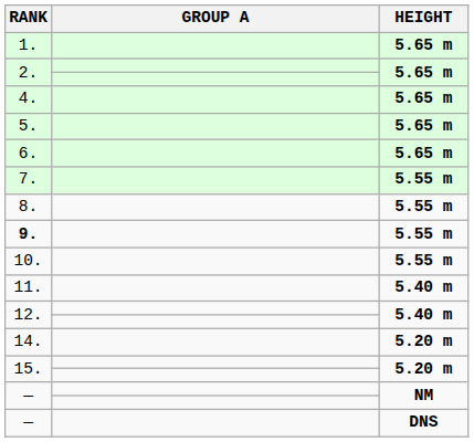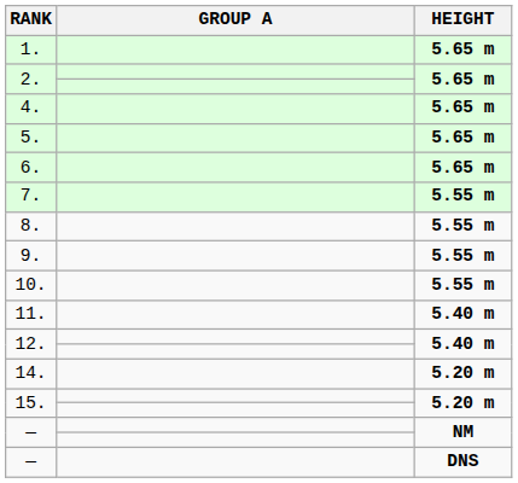 <table class="wikitable" style="border-collapse: collapse; font-size: 90%;">
 <tr>
 <th>RANK</th>
 <th style="width: 20em">GROUP A</th>
 <th style="width: 5em">HEIGHT</th>
 </tr>
 <tr style="background:#ddffdd;">
 <td align="center">1.</td>
 <td></td>
 <td align="center"><strong>5.65 m</strong></td>
 </tr>
 <tr style="background:#ddffdd;">
 <td rowspan=2 align="center">2.</td>
 <td></td>
 <td rowspan=2 align="center"><strong>5.65 m</strong></td>
 </tr>
 <tr style="background:#ddffdd;">
 <td></td>
 </tr>
 <tr style="background:#ddffdd;">
 <td align="center">4.</td>
 <td></td>
 <td align="center"><strong>5.65 m</strong></td>
 </tr>
 <tr style="background:#ddffdd;">
 <td align="center">5.</td>
 <td></td>
 <td align="center"><strong>5.65 m</strong></td>
 </tr>
 <tr style="background:#ddffdd;">
 <td align="center">6.</td>
 <td></td>
 <td align="center"><strong>5.65 m</strong></td>
 </tr>
 <tr style="background:#ddffdd;">
 <td align="center">7.</td>
 <td></td>
 <td align="center"><strong>5.55 m</strong></td>
 </tr>
 <tr>
 <td align="center">8.</td>
 <td></td>
 <td align="center"><strong>5.55 m</strong></td>
 </tr>
 <tr>
-<td align="center"><strong>9.</strong></td>
+<td align="center">9.</td>
 <td></td>
 <td align="center"><strong>5.55 m</strong></td>
 </tr>
 <tr>
 <td align="center">10.</td>
 <td></td>
 <td align="center"><strong>5.55 m</strong></td>
 </tr>
 <tr>
 <td align="center">11.</td>
 <td></td>
 <td align="center"><strong>5.40 m</strong></td>
 </tr>
 <tr>
 <td rowspan=2 align="center">12.</td>
 <td></td>
 <td rowspan=2 align="center"><strong>5.40 m</strong></td>
 </tr>
 <tr>
 <td></td>
 </tr>
 <tr>
 <td align="center">14.</td>
 <td></td>
 <td align="center"><strong>5.20 m</strong></td>
 </tr>
 <tr>
 <td rowspan=2 align="center">15.</td>
 <td></td>
 <td rowspan=2 align="center"><strong>5.20 m</strong></td>
 </tr>
 <tr>
 <td></td>
 </tr>
 <tr>
 <td rowspan=2 align="center">—</td>
 <td></td>
 <td rowspan=2 align="center"><strong>NM</strong></td>
 </tr>
 <tr>
 <td></td>
 </tr>
 <tr>
 <td align="center">—</td>
 <td></td>
 <td align="center"><strong>DNS</strong></td>
 </tr>
 </table>
